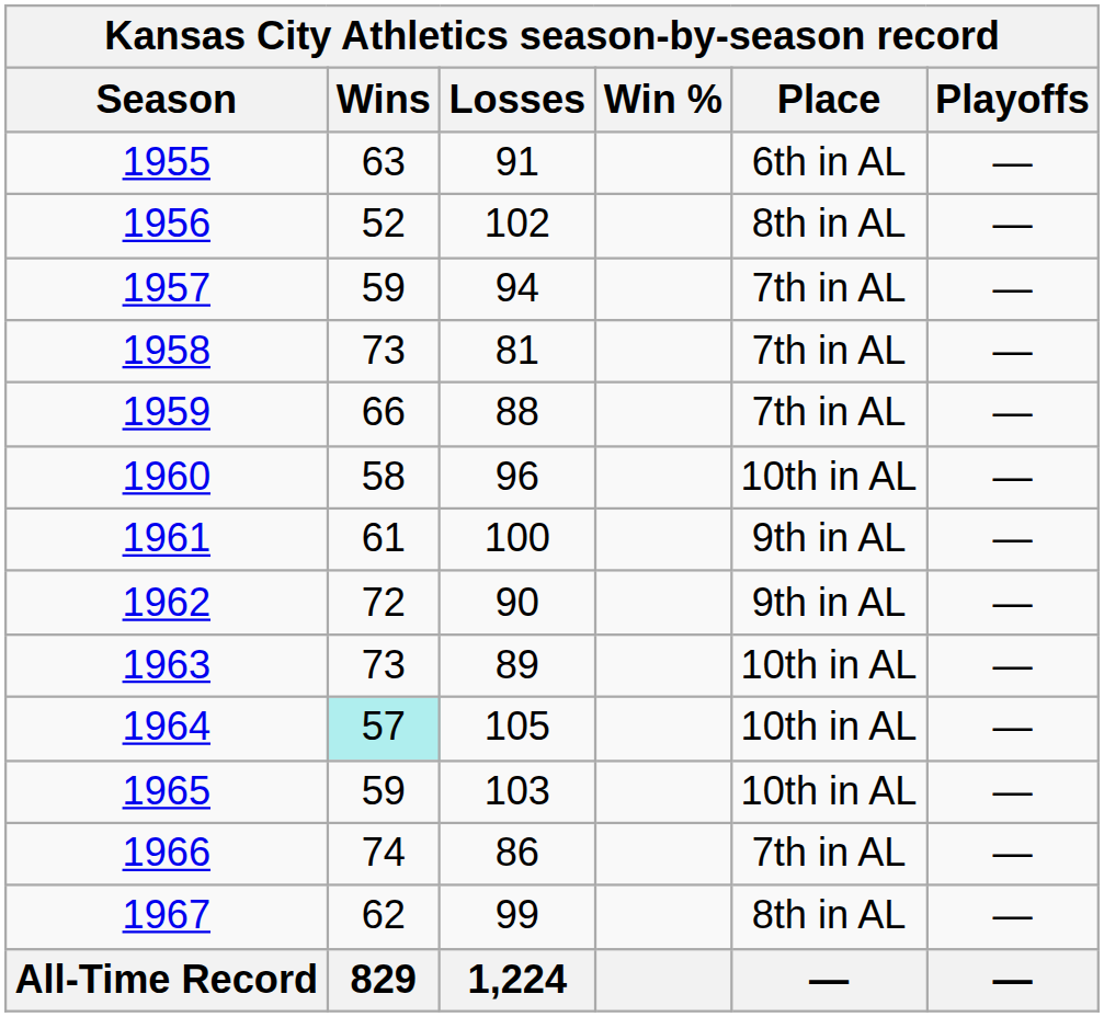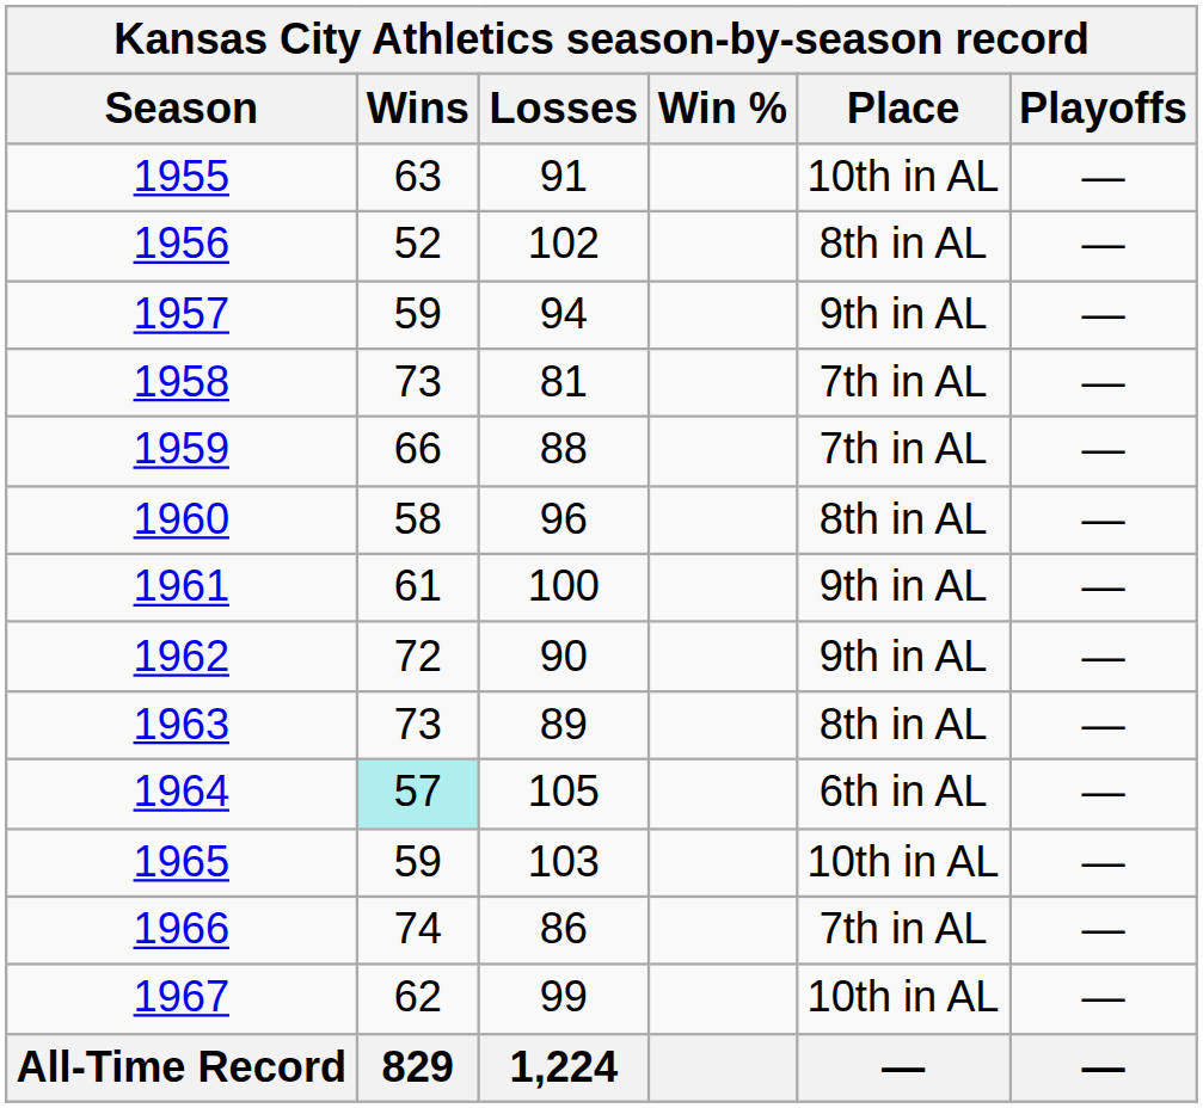 <table class="wikitable" style="text-align:center">
 <tr>
 <th colspan="6">Kansas City Athletics season-by-season record</th>
 </tr>
 <tr>
 <th>Season</th>
 <th>Wins</th>
 <th>Losses</th>
 <th>Win %</th>
 <th>Place</th>
 <th>Playoffs</th>
 </tr>
 <tr>
 <td><a href='#'>1955</a></td>
 <td>63</td>
 <td>91</td>
 <td></td>
-<td>6th in AL</td>
+<td>10th in AL</td>
 <td>—</td>
 </tr>
 <tr>
 <td><a href='#'>1956</a></td>
 <td>52</td>
 <td>102</td>
 <td></td>
 <td>8th in AL</td>
 <td>—</td>
 </tr>
 <tr>
 <td><a href='#'>1957</a></td>
 <td>59</td>
 <td>94</td>
 <td></td>
-<td>7th in AL</td>
+<td>9th in AL</td>
 <td>—</td>
 </tr>
 <tr>
 <td><a href='#'>1958</a></td>
 <td>73</td>
 <td>81</td>
 <td></td>
 <td>7th in AL</td>
 <td>—</td>
 </tr>
 <tr>
 <td><a href='#'>1959</a></td>
 <td>66</td>
 <td>88</td>
 <td></td>
 <td>7th in AL</td>
 <td>—</td>
 </tr>
 <tr>
 <td><a href='#'>1960</a></td>
 <td>58</td>
 <td>96</td>
 <td></td>
-<td>10th in AL</td>
+<td>8th in AL</td>
 <td>—</td>
 </tr>
 <tr>
 <td><a href='#'>1961</a></td>
 <td>61</td>
 <td>100</td>
 <td></td>
 <td>9th in AL</td>
 <td>—</td>
 </tr>
 <tr>
 <td><a href='#'>1962</a></td>
 <td>72</td>
 <td>90</td>
 <td></td>
 <td>9th in AL</td>
 <td>—</td>
 </tr>
 <tr>
 <td><a href='#'>1963</a></td>
 <td>73</td>
 <td>89</td>
 <td></td>
-<td>10th in AL</td>
+<td>8th in AL</td>
 <td>—</td>
 </tr>
 <tr>
 <td><a href='#'>1964</a></td>
 <td style="background: paleturquoise;">57</td>
 <td>105</td>
 <td></td>
-<td>10th in AL</td>
+<td>6th in AL</td>
 <td>—</td>
 </tr>
 <tr>
 <td><a href='#'>1965</a></td>
 <td>59</td>
 <td>103</td>
 <td></td>
 <td>10th in AL</td>
 <td>—</td>
 </tr>
 <tr>
 <td><a href='#'>1966</a></td>
 <td>74</td>
 <td>86</td>
 <td></td>
 <td>7th in AL</td>
 <td>—</td>
 </tr>
 <tr>
 <td><a href='#'>1967</a></td>
 <td>62</td>
 <td>99</td>
 <td></td>
-<td>8th in AL</td>
+<td>10th in AL</td>
 <td>—</td>
 </tr>
 <tr>
 <th><strong>All-Time Record</strong></th>
 <th><strong>829</strong></th>
 <th><strong>1,224</strong></th>
 <th><strong></strong></th>
 <th>—</th>
 <th>—</th>
 </tr>
 </table>
